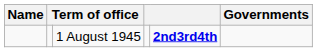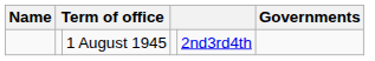 <table class="wikitable" style="text-align:center">
 <tr>
 <th>Name</th>
 <th colspan=2>Term of office</th>
 <th colspan=2></th>
 <th>Governments</th>
 </tr>
 <tr>
 <td></td>
 <td></td>
 <td>1 August 1945</td>
 <td></td>
-<td><strong><a href='#'>2nd</a><a href='#'>3rd</a><a href='#'>4th</a></strong></td>
+<td><a href='#'>2nd</a><a href='#'>3rd</a><a href='#'>4th</a></td>
 </tr>
 </table>
